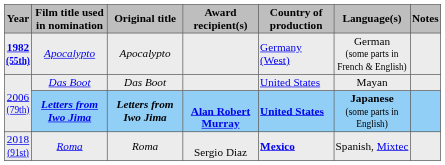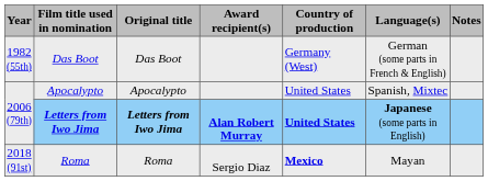 <table cellpadding=2 cellspacing=0 border=1 style="border-collapse:collapse; border: 1px #555 solid; text-align:center" class="sortable">
 <tr bgcolor="#bebebe">
 <th width="5%">Year</th>
 <th width="18%">Film title used in nomination</th>
 <th width="18%">Original title</th>
 <th width="18%">Award recipient(s)</th>
 <th width="18%">Country of production</th>
 <th width="18%">Language(s)</th>
 <th width="5%" class="unsortable">Notes</th>
 </tr>
 <tr bgcolor="#ececec">
-<td><strong><a href='#'>1982</a><br><small><a href='#'>(55th)</a></small></strong></td>
-<td><em><a href='#'>Apocalypto</a></em></td>
-<td><em>Apocalypto</em></td>
+<td><a href='#'>1982</a><br><small><a href='#'>(55th)</a></small></td>
+<td><em><a href='#'>Das Boot</a></em></td>
+<td><em>Das Boot</em></td>
 <td></td>
 <td align="left"> <a href='#'>Germany (West)</a></td>
 <td>German<br><small>(some parts in French & English)</small></td>
 <td></td>
 </tr>
 <tr bgcolor="#ececec">
 <td rowspan=2><a href='#'>2006</a><br><small><a href='#'>(79th)</a></small></td>
-<td><em><a href='#'>Das Boot</a></em></td>
-<td><em>Das Boot</em></td>
+<td><em><a href='#'>Apocalypto</a></em></td>
+<td><em>Apocalypto</em></td>
 <td><br></td>
 <td align="left"> <a href='#'>United States</a></td>
-<td>Mayan</td>
+<td>Spanish, <a href='#'>Mixtec</a></td>
 <td></td>
 </tr>
 <tr bgcolor="#91CFF6">
 <td><strong><em><a href='#'>Letters from Iwo Jima</a></em></strong></td>
 <td><strong><em>Letters from Iwo Jima</em></strong></td>
 <td><strong></strong><br><strong><a href='#'>Alan Robert Murray</a></strong></td>
 <td align="left"> <strong><a href='#'>United States</a></strong></td>
 <td><strong>Japanese</strong><br><small>(some parts in English)</small></td>
 <td></td>
 </tr>
 <tr bgcolor="#ececec">
 <td><a href='#'>2018</a><br><small><a href='#'>(91st)</a></small></td>
 <td><em><a href='#'>Roma</a></em></td>
 <td><em>Roma</em></td>
 <td><br>Sergio Diaz</td>
 <td align="left"><strong> <a href='#'>Mexico</a></strong></td>
-<td>Spanish, <a href='#'>Mixtec</a></td>
+<td>Mayan</td>
 <td></td>
 </tr>
 </table>
